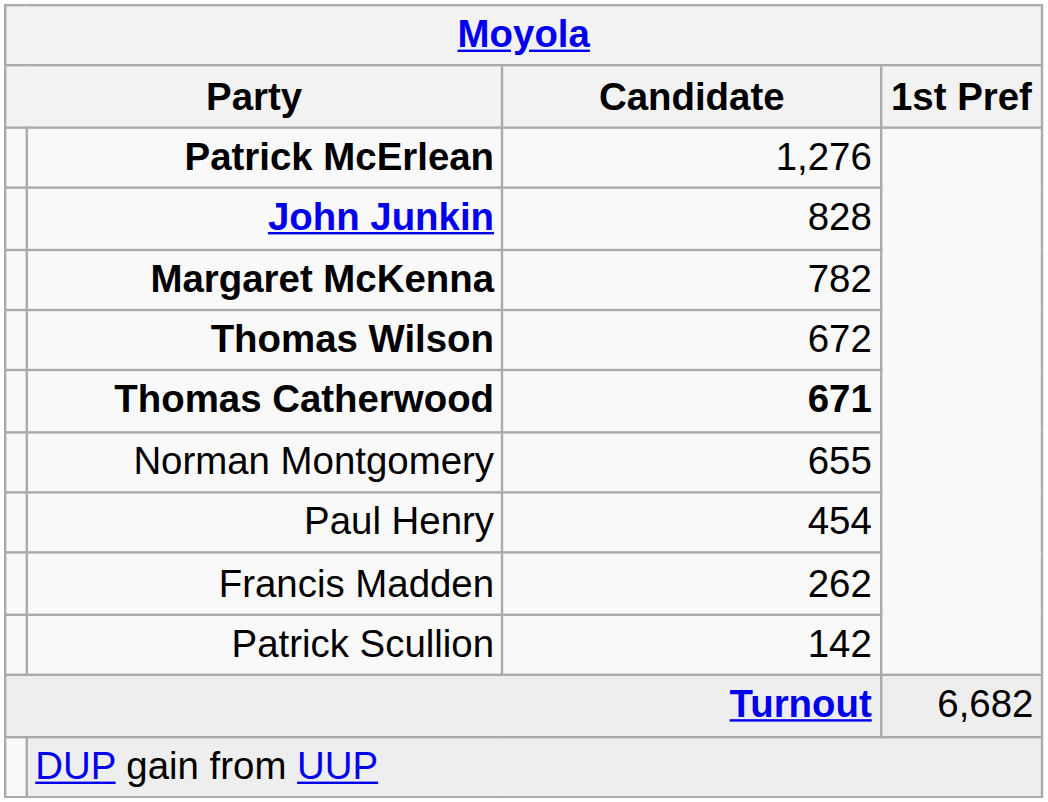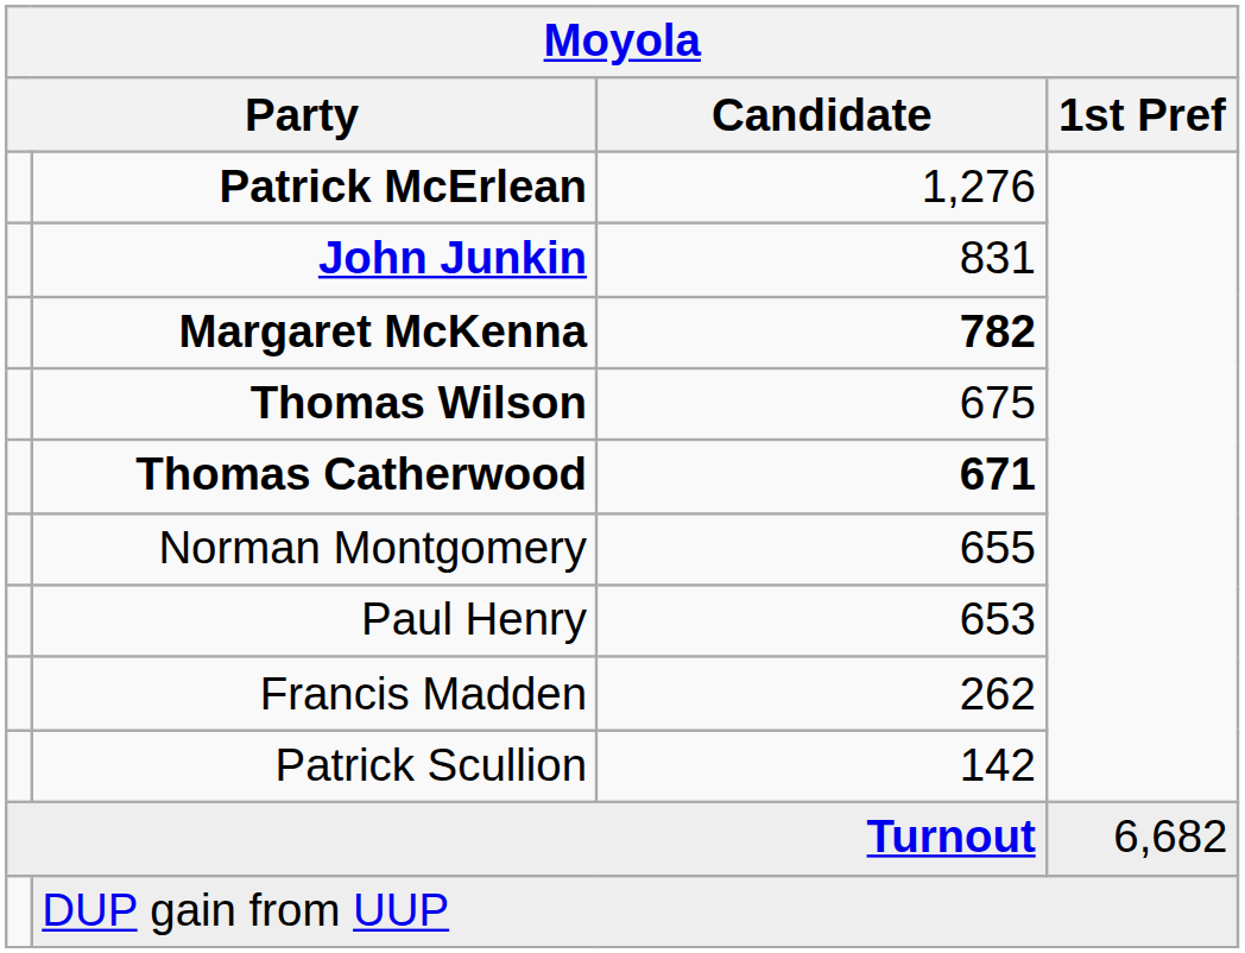 <table class="wikitable">
 <tr>
 <th colspan="4" align="center"><a href='#'>Moyola</a></th>
 </tr>
 <tr>
 <th colspan="2" align="center" width=200>Party</th>
 <th width=150>Candidate</th>
 <th width=60>1st Pref</th>
 </tr>
 <tr>
 <td></td>
 <td align="right"><strong>Patrick McErlean</strong></td>
 <td align="right">1,276</td>
 </tr>
 <tr>
 <td></td>
 <td align="right"><strong><a href='#'>John Junkin</a></strong></td>
-<td align="right">828</td>
+<td align="right">831</td>
 </tr>
 <tr>
 <td></td>
 <td align="right"><strong>Margaret McKenna</strong></td>
-<td align="right">782</td>
+<td align="right"><strong>782</strong></td>
 </tr>
 <tr>
 <td></td>
 <td align="right"><strong>Thomas Wilson</strong></td>
-<td align="right">672</td>
+<td align="right">675</td>
 </tr>
 <tr>
 <td></td>
 <td align="right"><strong>Thomas Catherwood</strong></td>
 <td align="right"><strong>671</strong></td>
 </tr>
 <tr>
 <td></td>
 <td align="right">Norman Montgomery</td>
 <td align="right">655</td>
 </tr>
 <tr>
 <td></td>
 <td align="right">Paul Henry</td>
-<td align="right">454</td>
+<td align="right">653</td>
 </tr>
 <tr>
 <td></td>
 <td align="right">Francis Madden</td>
 <td align="right">262</td>
 </tr>
 <tr>
 <td></td>
 <td align="right">Patrick Scullion</td>
 <td align="right">142</td>
 </tr>
 <tr bgcolor="EEEEEE">
 <td colspan=3 align="right"><strong><a href='#'>Turnout</a></strong></td>
 <td align="right">6,682</td>
 </tr>
 <tr>
 <td style="color:inherit;background:"></td>
 <td colspan=3 bgcolor="EEEEEE"><a href='#'>DUP</a> gain from <a href='#'>UUP</a></td>
 </tr>
 </table>
